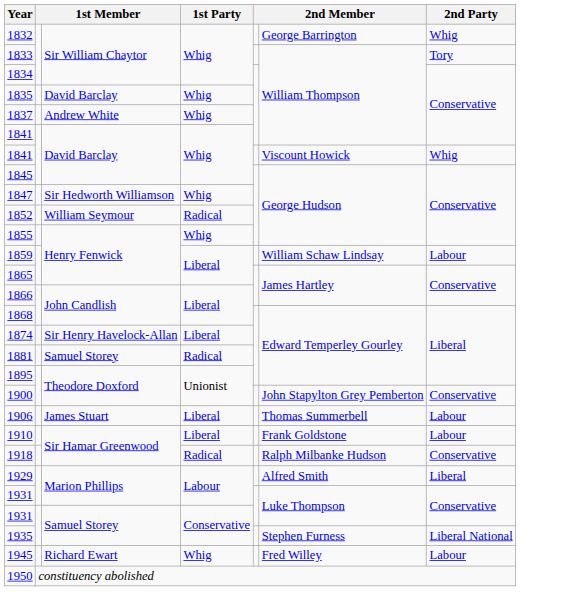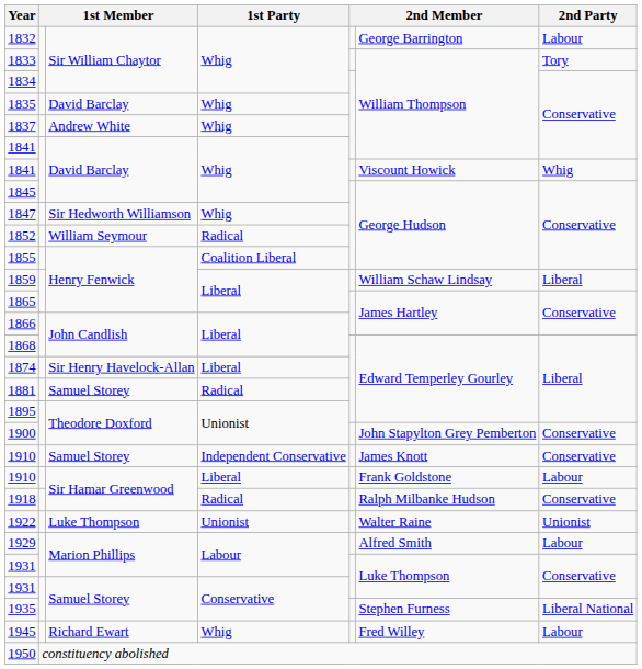 <table class="wikitable">
 <tr>
 <th>Year</th>
 <th colspan="2">1st Member</th>
 <th>1st Party</th>
 <th colspan="2">2nd Member</th>
 <th>2nd Party</th>
 </tr>
 <tr>
 <td><a href='#'>1832</a></td>
 <td rowspan="3" style="color:inherit;background-color: "></td>
 <td rowspan="3"><a href='#'>Sir William Chaytor</a></td>
 <td rowspan="3"><a href='#'>Whig</a></td>
 <td style="color:inherit;background-color: "></td>
 <td><a href='#'>George Barrington</a></td>
-<td><a href='#'>Whig</a></td>
+<td><a href='#'>Labour</a></td>
 </tr>
 <tr>
 <td><a href='#'>1833</a></td>
 <td style="color:inherit;background-color: "></td>
 <td rowspan="5"><a href='#'>William Thompson</a></td>
 <td><a href='#'>Tory</a></td>
 </tr>
 <tr>
 <td><a href='#'>1834</a></td>
 <td rowspan="4" style="color:inherit;background-color: "></td>
 <td rowspan="4"><a href='#'>Conservative</a></td>
 </tr>
 <tr>
 <td><a href='#'>1835</a></td>
 <td rowspan="1" style="color:inherit;background-color: "></td>
 <td rowspan="1"><a href='#'>David Barclay</a></td>
 <td rowspan="1"><a href='#'>Whig</a></td>
 </tr>
 <tr>
 <td><a href='#'>1837</a></td>
 <td style="color:inherit;background-color: "></td>
 <td><a href='#'>Andrew White</a></td>
 <td><a href='#'>Whig</a></td>
 </tr>
 <tr>
 <td><a href='#'>1841</a></td>
 <td rowspan="3" style="color:inherit;background-color: "></td>
 <td rowspan="3"><a href='#'>David Barclay</a></td>
 <td rowspan="3"><a href='#'>Whig</a></td>
 </tr>
 <tr>
 <td><a href='#'>1841</a></td>
 <td style="color:inherit;background-color: "></td>
 <td><a href='#'>Viscount Howick</a></td>
 <td><a href='#'>Whig</a></td>
 </tr>
 <tr>
 <td><a href='#'>1845</a></td>
 <td rowspan="4" style="color:inherit;background-color: "></td>
 <td rowspan="4"><a href='#'>George Hudson</a></td>
 <td rowspan="4"><a href='#'>Conservative</a></td>
 </tr>
 <tr>
 <td><a href='#'>1847</a></td>
 <td style="color:inherit;background-color: "></td>
 <td><a href='#'>Sir Hedworth Williamson</a></td>
 <td><a href='#'>Whig</a></td>
 </tr>
 <tr>
 <td><a href='#'>1852</a></td>
 <td style="color:inherit;background-color: "></td>
 <td><a href='#'>William Seymour</a></td>
 <td><a href='#'>Radical</a></td>
 </tr>
 <tr>
 <td><a href='#'>1855</a></td>
 <td style="color:inherit;background-color: "></td>
 <td rowspan="3"><a href='#'>Henry Fenwick</a></td>
-<td><a href='#'>Whig</a></td>
+<td><a href='#'>Coalition Liberal</a> </td>
 </tr>
 <tr>
 <td><a href='#'>1859</a></td>
 <td rowspan="2" style="color:inherit;background-color: "></td>
 <td rowspan="2"><a href='#'>Liberal</a></td>
 <td style="color:inherit;background-color: "></td>
 <td><a href='#'>William Schaw Lindsay</a></td>
-<td><a href='#'>Labour</a></td>
+<td><a href='#'>Liberal</a></td>
 </tr>
 <tr>
 <td><a href='#'>1865</a></td>
 <td rowspan="2" style="color:inherit;background-color: "></td>
 <td rowspan="2"><a href='#'>James Hartley</a></td>
 <td rowspan="2"><a href='#'>Conservative</a></td>
 </tr>
 <tr>
 <td><a href='#'>1866</a></td>
 <td rowspan="2" style="color:inherit;background-color: "></td>
 <td rowspan="2"><a href='#'>John Candlish</a></td>
 <td rowspan="2"><a href='#'>Liberal</a></td>
 </tr>
 <tr>
 <td><a href='#'>1868</a></td>
 <td rowspan="4" style="color:inherit;background-color: "></td>
 <td rowspan="4"><a href='#'>Edward Temperley Gourley</a></td>
 <td rowspan="4"><a href='#'>Liberal</a></td>
 </tr>
 <tr>
 <td><a href='#'>1874</a></td>
 <td style="color:inherit;background-color: "></td>
 <td><a href='#'>Sir Henry Havelock-Allan</a></td>
 <td><a href='#'>Liberal</a></td>
 </tr>
 <tr>
 <td><a href='#'>1881</a></td>
 <td style="color:inherit;background-color: "></td>
 <td><a href='#'>Samuel Storey</a></td>
 <td><a href='#'>Radical</a></td>
 </tr>
 <tr>
 <td><a href='#'>1895</a></td>
 <td rowspan="2" style="color:inherit;background-color: "></td>
 <td rowspan="2"><a href='#'>Theodore Doxford</a></td>
 <td rowspan="2">Unionist</td>
 </tr>
 <tr>
 <td><a href='#'>1900</a></td>
 <td style="color:inherit;background-color: "></td>
 <td><a href='#'>John Stapylton Grey Pemberton</a></td>
 <td><a href='#'>Conservative</a></td>
 </tr>
 <tr>
-<td><a href='#'>1906</a></td>
+<td><a href='#'>1910</a></td>
 <td style="color:inherit;background-color: "></td>
-<td><a href='#'>James Stuart</a></td>
-<td><a href='#'>Liberal</a></td>
+<td><a href='#'>Samuel Storey</a></td>
+<td><a href='#'>Independent Conservative</a></td>
 <td style="color:inherit;background-color: "></td>
-<td><a href='#'>Thomas Summerbell</a></td>
-<td><a href='#'>Labour</a></td>
+<td><a href='#'>James Knott</a></td>
+<td><a href='#'>Conservative</a></td>
 </tr>
 <tr>
 <td><a href='#'>1910</a></td>
 <td style="color:inherit;background-color: "></td>
 <td rowspan="2"><a href='#'>Sir Hamar Greenwood</a></td>
 <td><a href='#'>Liberal</a></td>
 <td style="color:inherit;background-color: "></td>
 <td><a href='#'>Frank Goldstone</a></td>
 <td><a href='#'>Labour</a></td>
 </tr>
 <tr>
 <td><a href='#'>1918</a></td>
 <td style="color:inherit;background-color: "></td>
 <td><a href='#'>Radical</a></td>
 <td style="color:inherit;background-color: "></td>
 <td><a href='#'>Ralph Milbanke Hudson</a></td>
 <td><a href='#'>Conservative</a></td>
 </tr>
 <tr>
+<td><a href='#'>1922</a></td>
+<td style="color:inherit;background-color: "></td>
+<td><a href='#'>Luke Thompson</a></td>
+<td><a href='#'>Unionist</a></td>
+<td style="color:inherit;background-color: "></td>
+<td><a href='#'>Walter Raine</a></td>
+<td><a href='#'>Unionist</a></td>
+</tr>
+<tr>
 <td><a href='#'>1929</a></td>
 <td rowspan="2" style="color:inherit;background-color: "></td>
 <td rowspan="2"><a href='#'>Marion Phillips</a></td>
 <td rowspan="2"><a href='#'>Labour</a></td>
 <td style="color:inherit;background-color: "></td>
 <td><a href='#'>Alfred Smith</a></td>
-<td><a href='#'>Liberal</a></td>
+<td><a href='#'>Labour</a></td>
 </tr>
 <tr>
 <td><a href='#'>1931</a></td>
 <td rowspan="2" style="color:inherit;background-color: "></td>
 <td rowspan="2"><a href='#'>Luke Thompson</a></td>
 <td rowspan="2"><a href='#'>Conservative</a></td>
 </tr>
 <tr>
 <td><a href='#'>1931</a></td>
 <td rowspan="2" style="color:inherit;background-color: "></td>
 <td rowspan="2"><a href='#'>Samuel Storey</a></td>
 <td rowspan="2"><a href='#'>Conservative</a></td>
 </tr>
 <tr>
 <td><a href='#'>1935</a></td>
 <td style="color:inherit;background-color: "></td>
 <td><a href='#'>Stephen Furness</a></td>
 <td><a href='#'>Liberal National</a></td>
 </tr>
 <tr>
 <td><a href='#'>1945</a></td>
 <td style="color:inherit;background-color: "></td>
 <td><a href='#'>Richard Ewart</a></td>
 <td rowspan="1"><a href='#'>Whig</a></td>
 <td style="color:inherit;background-color: "></td>
 <td><a href='#'>Fred Willey</a></td>
 <td><a href='#'>Labour</a></td>
 </tr>
 <tr>
 <td><a href='#'>1950</a></td>
 <td colspan="6"><em>constituency abolished</em></td>
 </tr>
 </table>
